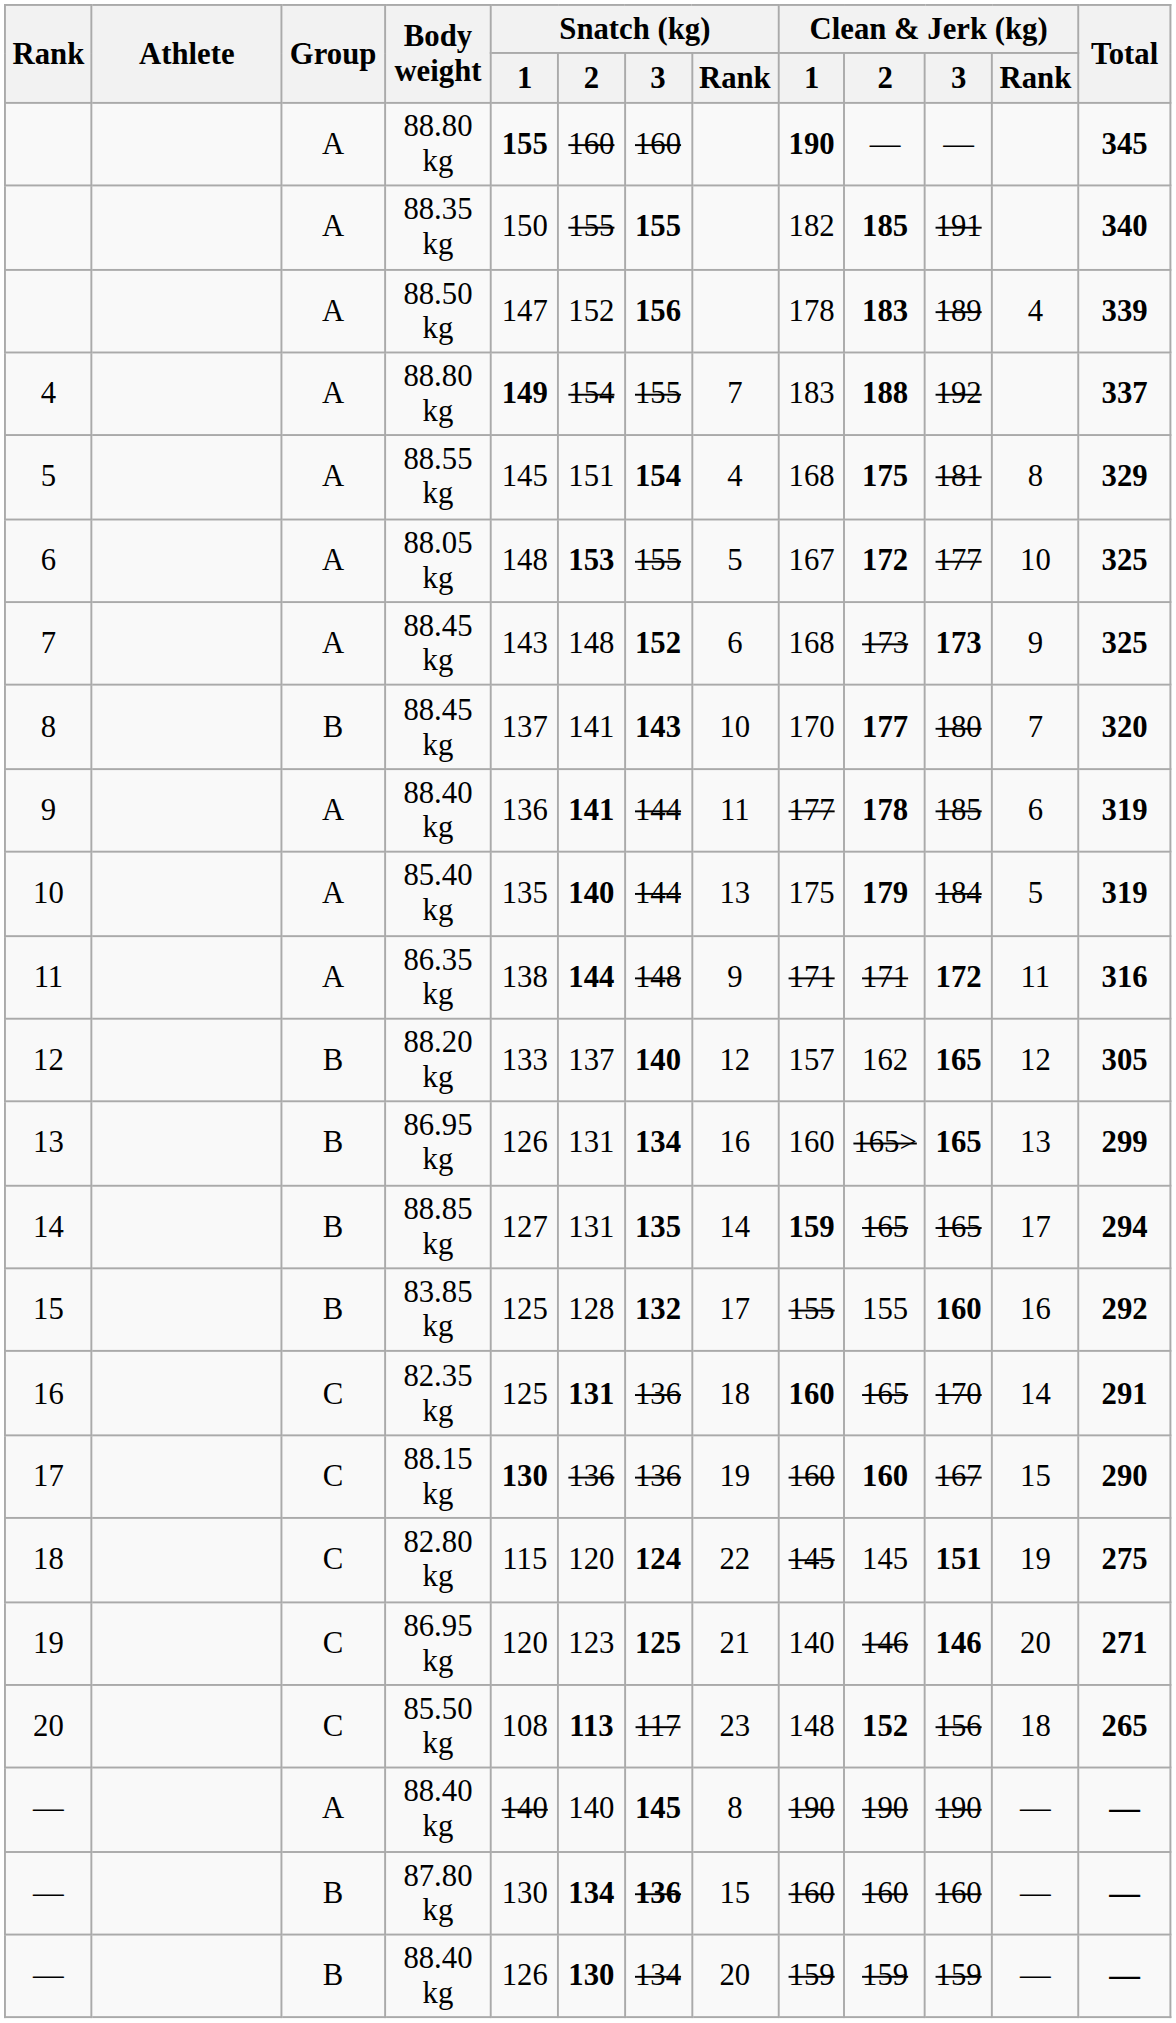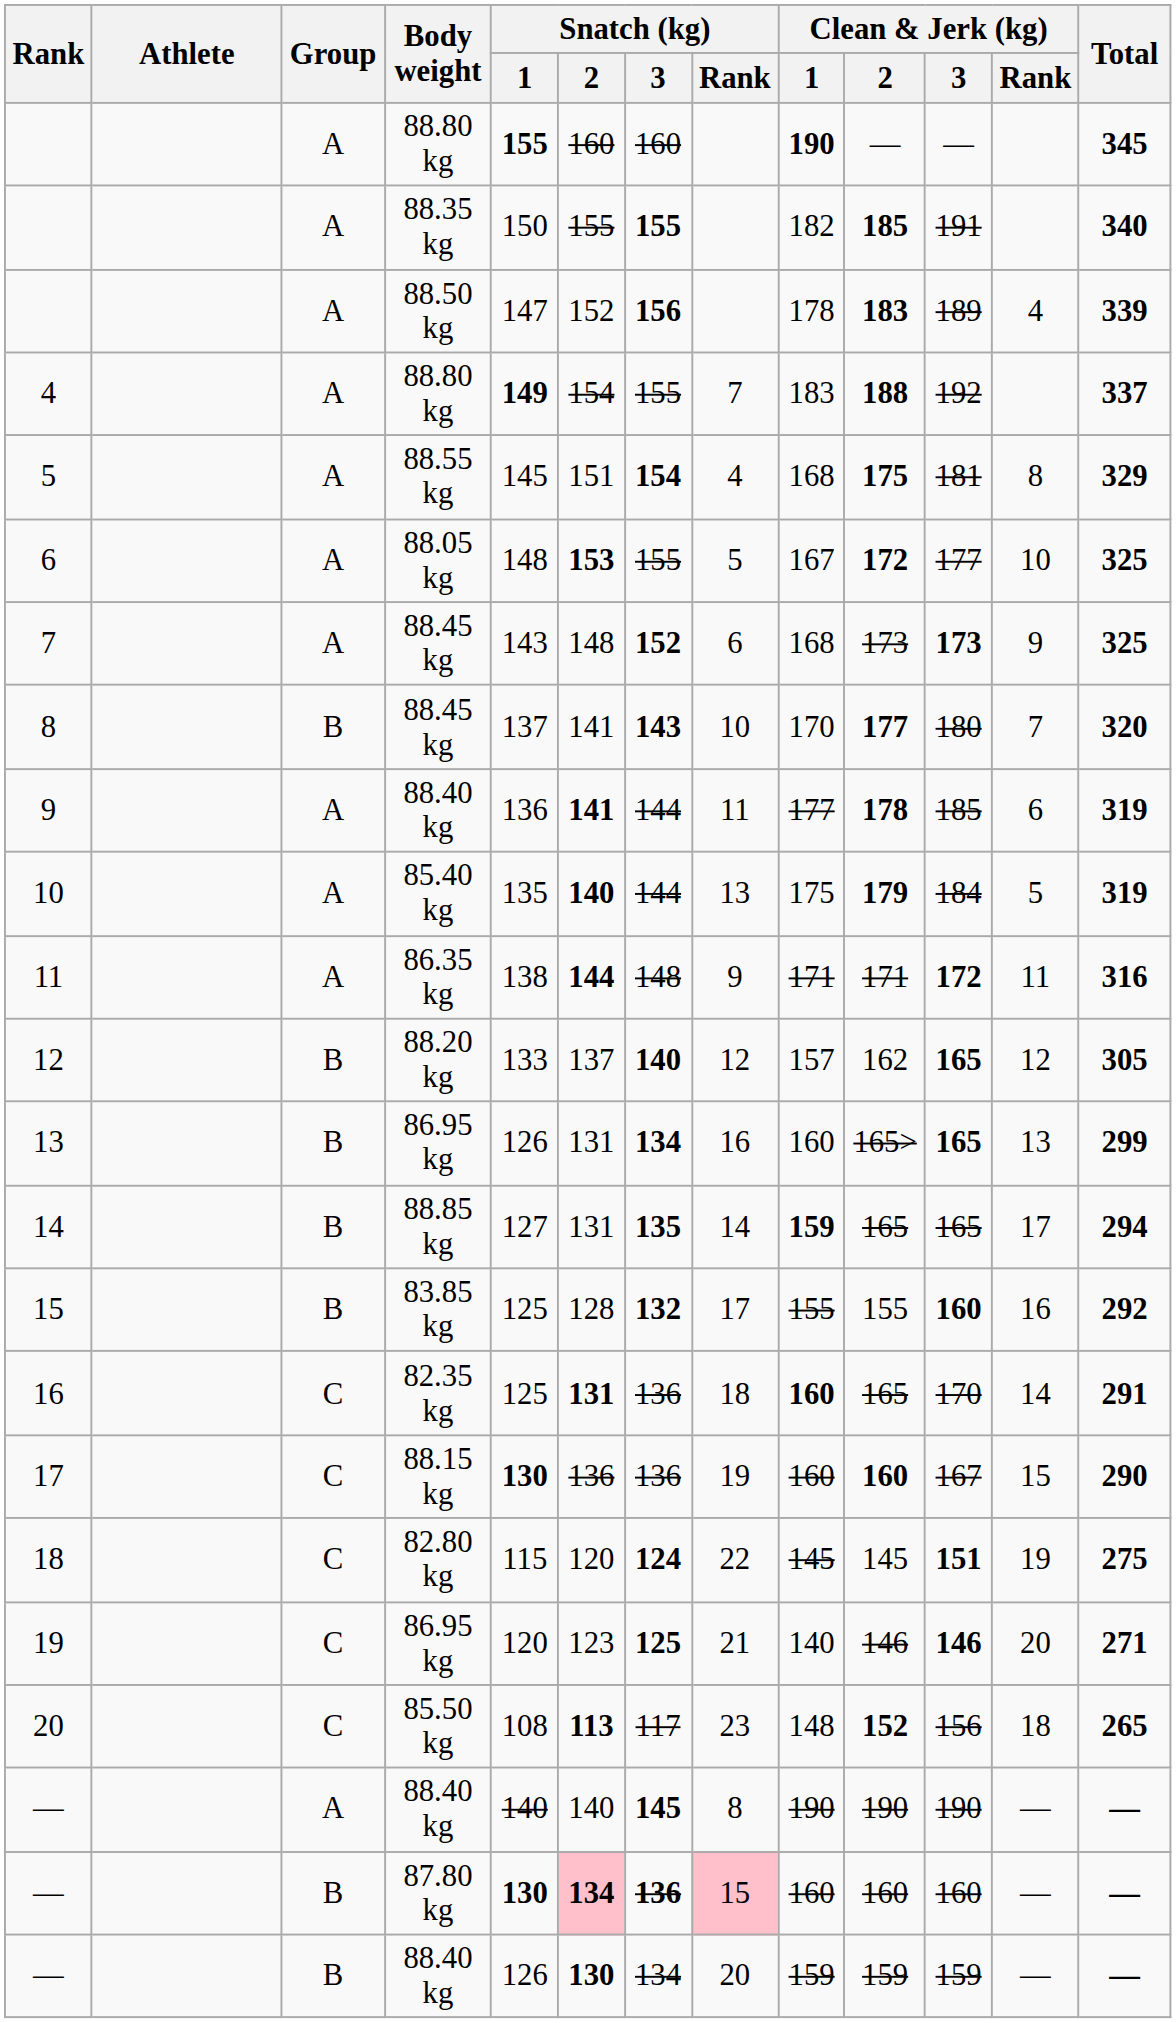 <table class = "wikitable" style="text-align:center;">
 <tr>
 <th rowspan=2 width=40>Rank</th>
 <th rowspan=2 width=250>Athlete</th>
 <th rowspan=2 width=50>Group</th>
 <th rowspan=2 width=60>Body weight</th>
 <th colspan=4>Snatch (kg)</th>
 <th colspan=4>Clean & Jerk (kg)</th>
 <th rowspan=2 width=60>Total</th>
 </tr>
 <tr>
 <th width=40>1</th>
 <th width=40>2</th>
 <th width=40>3</th>
 <th width=40>Rank</th>
 <th width=40>1</th>
 <th width=40>2</th>
 <th width=40>3</th>
 <th width=40>Rank</th>
 </tr>
 <tr>
 <td></td>
 <td align=left></td>
 <td>A</td>
 <td>88.80 kg</td>
 <td><strong>155</strong></td>
 <td><s>160</s></td>
 <td><s>160</s></td>
 <td></td>
 <td><strong>190</strong></td>
 <td>—</td>
 <td>—</td>
 <td></td>
 <td><strong>345</strong></td>
 </tr>
 <tr>
 <td></td>
 <td align=left></td>
 <td>A</td>
 <td>88.35 kg</td>
 <td>150</td>
 <td><s>155</s></td>
 <td><strong>155</strong></td>
 <td></td>
 <td>182</td>
 <td><strong>185</strong></td>
 <td><s>191</s></td>
 <td></td>
 <td><strong>340</strong></td>
 </tr>
 <tr>
 <td></td>
 <td align=left></td>
 <td>A</td>
 <td>88.50 kg</td>
 <td>147</td>
 <td>152</td>
 <td><strong>156</strong></td>
 <td></td>
 <td>178</td>
 <td><strong>183</strong></td>
 <td><s>189</s></td>
 <td>4</td>
 <td><strong>339</strong></td>
 </tr>
 <tr>
 <td>4</td>
 <td align=left></td>
 <td>A</td>
 <td>88.80 kg</td>
 <td><strong>149</strong></td>
 <td><s>154</s></td>
 <td><s>155</s></td>
 <td>7</td>
 <td>183</td>
 <td><strong>188</strong></td>
 <td><s>192</s></td>
 <td></td>
 <td><strong>337</strong></td>
 </tr>
 <tr>
 <td>5</td>
 <td align=left></td>
 <td>A</td>
 <td>88.55 kg</td>
 <td>145</td>
 <td>151</td>
 <td><strong>154</strong></td>
 <td>4</td>
 <td>168</td>
 <td><strong>175</strong></td>
 <td><s>181</s></td>
 <td>8</td>
 <td><strong>329</strong></td>
 </tr>
 <tr>
 <td>6</td>
 <td align=left></td>
 <td>A</td>
 <td>88.05 kg</td>
 <td>148</td>
 <td><strong>153</strong></td>
 <td><s>155</s></td>
 <td>5</td>
 <td>167</td>
 <td><strong>172</strong></td>
 <td><s>177</s></td>
 <td>10</td>
 <td><strong>325</strong></td>
 </tr>
 <tr>
 <td>7</td>
 <td align=left></td>
 <td>A</td>
 <td>88.45 kg</td>
 <td>143</td>
 <td>148</td>
 <td><strong>152</strong></td>
 <td>6</td>
 <td>168</td>
 <td><s>173</s></td>
 <td><strong>173</strong></td>
 <td>9</td>
 <td><strong>325</strong></td>
 </tr>
 <tr>
 <td>8</td>
 <td align=left></td>
 <td>B</td>
 <td>88.45 kg</td>
 <td>137</td>
 <td>141</td>
 <td><strong>143</strong></td>
 <td>10</td>
 <td>170</td>
 <td><strong>177</strong></td>
 <td><s>180</s></td>
 <td>7</td>
 <td><strong>320</strong></td>
 </tr>
 <tr>
 <td>9</td>
 <td align=left></td>
 <td>A</td>
 <td>88.40 kg</td>
 <td>136</td>
 <td><strong>141</strong></td>
 <td><s>144</s></td>
 <td>11</td>
 <td><s>177</s></td>
 <td><strong>178</strong></td>
 <td><s>185</s></td>
 <td>6</td>
 <td><strong>319</strong></td>
 </tr>
 <tr>
 <td>10</td>
 <td align=left></td>
 <td>A</td>
 <td>85.40 kg</td>
 <td>135</td>
 <td><strong>140</strong></td>
 <td><s>144</s></td>
 <td>13</td>
 <td>175</td>
 <td><strong>179</strong></td>
 <td><s>184</s></td>
 <td>5</td>
 <td><strong>319</strong></td>
 </tr>
 <tr>
 <td>11</td>
 <td align=left></td>
 <td>A</td>
 <td>86.35 kg</td>
 <td>138</td>
 <td><strong>144</strong></td>
 <td><s>148</s></td>
 <td>9</td>
 <td><s>171</s></td>
 <td><s>171</s></td>
 <td><strong>172</strong></td>
 <td>11</td>
 <td><strong>316</strong></td>
 </tr>
 <tr>
 <td>12</td>
 <td align=left></td>
 <td>B</td>
 <td>88.20 kg</td>
 <td>133</td>
 <td>137</td>
 <td><strong>140</strong></td>
 <td>12</td>
 <td>157</td>
 <td>162</td>
 <td><strong>165</strong></td>
 <td>12</td>
 <td><strong>305</strong></td>
 </tr>
 <tr>
 <td>13</td>
 <td align=left></td>
 <td>B</td>
 <td>86.95 kg</td>
 <td>126</td>
 <td>131</td>
 <td><strong>134</strong></td>
 <td>16</td>
 <td>160</td>
 <td><s>165></s></td>
 <td><strong>165</strong></td>
 <td>13</td>
 <td><strong>299</strong></td>
 </tr>
 <tr>
 <td>14</td>
 <td align=left></td>
 <td>B</td>
 <td>88.85 kg</td>
 <td>127</td>
 <td>131</td>
 <td><strong>135</strong></td>
 <td>14</td>
 <td><strong>159</strong></td>
 <td><s>165</s></td>
 <td><s>165</s></td>
 <td>17</td>
 <td><strong>294</strong></td>
 </tr>
 <tr>
 <td>15</td>
 <td align=left></td>
 <td>B</td>
 <td>83.85 kg</td>
 <td>125</td>
 <td>128</td>
 <td><strong>132</strong></td>
 <td>17</td>
 <td><s>155</s></td>
 <td>155</td>
 <td><strong>160</strong></td>
 <td>16</td>
 <td><strong>292</strong></td>
 </tr>
 <tr>
 <td>16</td>
 <td align=left></td>
 <td>C</td>
 <td>82.35 kg</td>
 <td>125</td>
 <td><strong>131</strong></td>
 <td><s>136</s></td>
 <td>18</td>
 <td><strong>160</strong></td>
 <td><s>165</s></td>
 <td><s>170</s></td>
 <td>14</td>
 <td><strong>291</strong></td>
 </tr>
 <tr>
 <td>17</td>
 <td align=left></td>
 <td>C</td>
 <td>88.15 kg</td>
 <td><strong>130</strong></td>
 <td><s>136</s></td>
 <td><s>136</s></td>
 <td>19</td>
 <td><s>160</s></td>
 <td><strong>160</strong></td>
 <td><s>167</s></td>
 <td>15</td>
 <td><strong>290</strong></td>
 </tr>
 <tr>
 <td>18</td>
 <td align=left></td>
 <td>C</td>
 <td>82.80 kg</td>
 <td>115</td>
 <td>120</td>
 <td><strong>124</strong></td>
 <td>22</td>
 <td><s>145</s></td>
 <td>145</td>
 <td><strong>151</strong></td>
 <td>19</td>
 <td><strong>275</strong></td>
 </tr>
 <tr>
 <td>19</td>
 <td align=left></td>
 <td>C</td>
 <td>86.95 kg</td>
 <td>120</td>
 <td>123</td>
 <td><strong>125</strong></td>
 <td>21</td>
 <td>140</td>
 <td><s>146</s></td>
 <td><strong>146</strong></td>
 <td>20</td>
 <td><strong>271</strong></td>
 </tr>
 <tr>
 <td>20</td>
 <td align=left></td>
 <td>C</td>
 <td>85.50 kg</td>
 <td>108</td>
 <td><strong>113</strong></td>
 <td><s>117</s></td>
 <td>23</td>
 <td>148</td>
 <td><strong>152</strong></td>
 <td><s>156</s></td>
 <td>18</td>
 <td><strong>265</strong></td>
 </tr>
 <tr>
 <td>—</td>
 <td align=left></td>
 <td>A</td>
 <td>88.40 kg</td>
 <td><s>140</s></td>
 <td>140</td>
 <td><strong>145</strong></td>
 <td>8</td>
 <td><s>190</s></td>
 <td><s>190</s></td>
 <td><s>190</s></td>
 <td>—</td>
 <td><strong>—</strong></td>
 </tr>
 <tr>
 <td>—</td>
 <td align=left></td>
 <td>B</td>
 <td>87.80 kg</td>
-<td>130</td>
-<td><strong>134</strong></td>
+<td><strong>130</strong></td>
+<td style="background: pink;"><strong>134</strong></td>
 <td><strong><s>136</s></strong></td>
-<td>15</td>
+<td style="background: pink;">15</td>
 <td><s>160</s></td>
 <td><s>160</s></td>
 <td><s>160</s></td>
 <td>—</td>
 <td><strong>—</strong></td>
 </tr>
 <tr>
 <td>—</td>
 <td align=left></td>
 <td>B</td>
 <td>88.40 kg</td>
 <td>126</td>
 <td><strong>130</strong></td>
 <td><s>134</s></td>
 <td>20</td>
 <td><s>159</s></td>
 <td><s>159</s></td>
 <td><s>159</s></td>
 <td>—</td>
 <td><strong>—</strong></td>
 </tr>
 </table>
